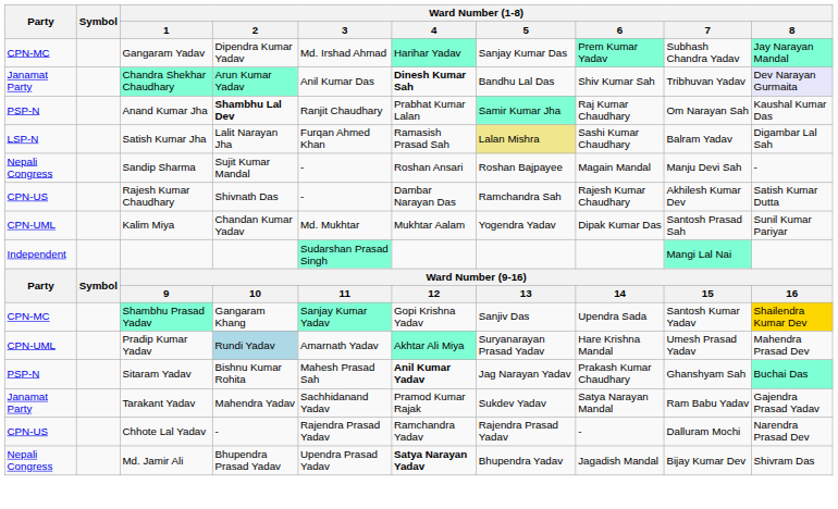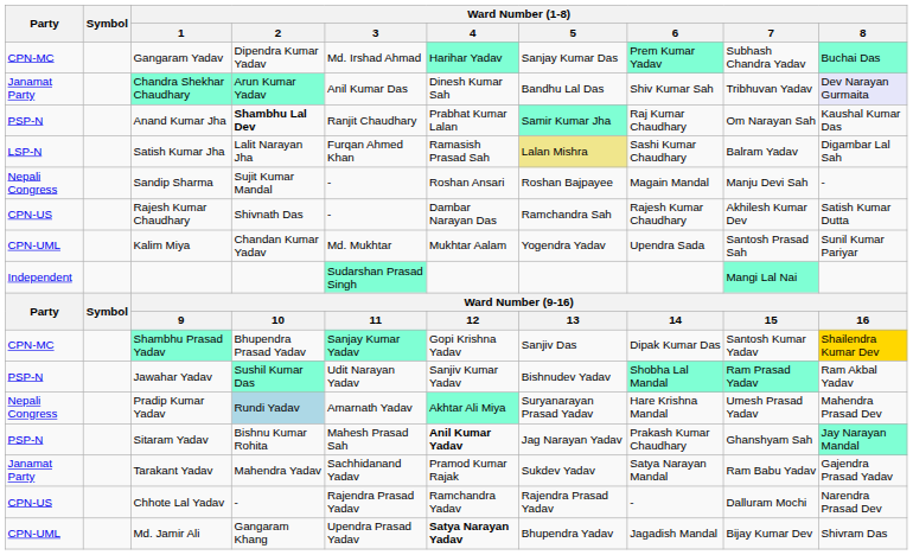 <table class="wikitable sortable">
 <tr>
 <th rowspan="2">Party</th>
 <th rowspan="2">Symbol</th>
 <th colspan="8">Ward Number (1-8)</th>
 </tr>
 <tr>
 <th>1</th>
 <th>2</th>
 <th>3</th>
 <th>4</th>
 <th>5</th>
 <th>6</th>
 <th>7</th>
 <th>8</th>
 </tr>
 <tr>
 <td style="background-color:"><a href='#'>CPN-MC</a></td>
 <td></td>
 <td>Gangaram Yadav</td>
 <td>Dipendra Kumar Yadav</td>
 <td>Md. Irshad Ahmad</td>
 <td bgcolor=#7FFFD4>Harihar Yadav</td>
 <td>Sanjay Kumar Das</td>
 <td bgcolor=#7FFFD4>Prem Kumar Yadav</td>
 <td>Subhash Chandra Yadav</td>
-<td bgcolor=#7FFFD4>Jay Narayan Mandal</td>
+<td bgcolor=#7FFFD4>Buchai Das</td>
 </tr>
 <tr>
 <td style="background-color:"><a href='#'>Janamat Party</a></td>
 <td></td>
 <td bgcolor=#7FFFD4>Chandra Shekhar Chaudhary</td>
 <td bgcolor=#7FFFD4>Arun Kumar Yadav</td>
 <td>Anil Kumar Das</td>
-<td><strong>Dinesh Kumar Sah</strong></td>
+<td>Dinesh Kumar Sah</td>
 <td>Bandhu Lal Das</td>
 <td>Shiv Kumar Sah</td>
 <td>Tribhuvan Yadav</td>
 <td style="background: lavender;">Dev Narayan Gurmaita</td>
 </tr>
 <tr>
 <td style="background-color:"><a href='#'>PSP-N</a></td>
 <td></td>
 <td>Anand Kumar Jha</td>
 <td><strong>Shambhu Lal Dev</strong></td>
 <td>Ranjit Chaudhary</td>
 <td>Prabhat Kumar Lalan</td>
 <td bgcolor=#7FFFD4>Samir Kumar Jha</td>
 <td>Raj Kumar Chaudhary</td>
 <td>Om Narayan Sah</td>
 <td>Kaushal Kumar Das</td>
 </tr>
 <tr>
 <td style="background-color:"><a href='#'>LSP-N</a></td>
 <td></td>
 <td>Satish Kumar Jha</td>
 <td>Lalit Narayan Jha</td>
 <td>Furqan Ahmed Khan</td>
 <td>Ramasish Prasad Sah</td>
 <td style="background: khaki;">Lalan Mishra</td>
 <td>Sashi Kumar Chaudhary</td>
 <td>Balram Yadav</td>
 <td>Digambar Lal Sah</td>
 </tr>
 <tr>
 <td style="background-color:"><a href='#'>Nepali Congress</a></td>
 <td></td>
 <td>Sandip Sharma</td>
 <td>Sujit Kumar Mandal</td>
 <td>-</td>
 <td>Roshan Ansari</td>
 <td>Roshan Bajpayee</td>
 <td>Magain Mandal</td>
 <td>Manju Devi Sah</td>
 <td>-</td>
 </tr>
 <tr>
 <td style="background-color:"><a href='#'>CPN-US</a></td>
 <td></td>
 <td>Rajesh Kumar Chaudhary</td>
 <td>Shivnath Das</td>
 <td>-</td>
 <td>Dambar Narayan Das</td>
 <td>Ramchandra Sah</td>
 <td>Rajesh Kumar Chaudhary</td>
 <td>Akhilesh Kumar Dev</td>
 <td>Satish Kumar Dutta</td>
 </tr>
 <tr>
 <td style="background-color:"><a href='#'>CPN-UML</a></td>
 <td></td>
 <td>Kalim Miya</td>
 <td>Chandan Kumar Yadav</td>
 <td>Md. Mukhtar</td>
 <td>Mukhtar Aalam</td>
 <td>Yogendra Yadav</td>
-<td>Dipak Kumar Das</td>
+<td>Upendra Sada</td>
 <td>Santosh Prasad Sah</td>
 <td>Sunil Kumar Pariyar</td>
 </tr>
 <tr>
 <td><a href='#'>Independent</a></td>
 <td></td>
 <td></td>
 <td></td>
 <td bgcolor=#7FFFD4>Sudarshan Prasad Singh</td>
 <td></td>
 <td></td>
 <td></td>
 <td bgcolor=#7FFFD4>Mangi Lal Nai</td>
 <td></td>
 </tr>
 <tr>
 <th rowspan="2">Party</th>
 <th rowspan="2">Symbol</th>
 <th colspan="8">Ward Number (9-16)</th>
 </tr>
 <tr>
 <th>9</th>
 <th>10</th>
 <th>11</th>
 <th>12</th>
 <th>13</th>
 <th>14</th>
 <th>15</th>
 <th>16</th>
 </tr>
 <tr>
 <td style="background-color:"><a href='#'>CPN-MC</a></td>
 <td></td>
 <td bgcolor=#7FFFD4>Shambhu Prasad Yadav</td>
-<td>Gangaram Khang</td>
+<td>Bhupendra Prasad Yadav</td>
 <td bgcolor=#7FFFD4>Sanjay Kumar Yadav</td>
 <td>Gopi Krishna Yadav</td>
 <td>Sanjiv Das</td>
-<td>Upendra Sada</td>
+<td>Dipak Kumar Das</td>
 <td>Santosh Kumar Yadav</td>
 <td style="background: gold;">Shailendra Kumar Dev</td>
 </tr>
 <tr>
-<td style="background-color:"><a href='#'>CPN-UML</a></td>
+<td style="background-color:"><a href='#'>PSP-N</a></td>
+<td></td>
+<td>Jawahar Yadav</td>
+<td bgcolor=#7FFFD4>Sushil Kumar Das</td>
+<td>Udit Narayan Yadav</td>
+<td>Sanjiv Kumar Yadav</td>
+<td>Bishnudev Yadav</td>
+<td bgcolor=#7FFFD4>Shobha Lal Mandal</td>
+<td bgcolor=#7FFFD4>Ram Prasad Yadav</td>
+<td>Ram Akbal Yadav</td>
+</tr>
+<tr>
+<td style="background-color:"><a href='#'>Nepali Congress</a></td>
 <td></td>
 <td>Pradip Kumar Yadav</td>
 <td style="background: lightblue;">Rundi Yadav</td>
 <td>Amarnath Yadav</td>
 <td bgcolor=#7FFFD4>Akhtar Ali Miya</td>
 <td>Suryanarayan Prasad Yadav</td>
 <td>Hare Krishna Mandal</td>
 <td>Umesh Prasad Yadav</td>
 <td>Mahendra Prasad Dev</td>
 </tr>
 <tr>
 <td style="background-color:"><a href='#'>PSP-N</a></td>
 <td></td>
 <td>Sitaram Yadav</td>
 <td>Bishnu Kumar Rohita</td>
 <td>Mahesh Prasad Sah</td>
 <td><strong>Anil Kumar Yadav</strong></td>
 <td>Jag Narayan Yadav</td>
 <td>Prakash Kumar Chaudhary</td>
 <td>Ghanshyam Sah</td>
-<td bgcolor=#7FFFD4>Buchai Das</td>
+<td bgcolor=#7FFFD4>Jay Narayan Mandal</td>
 </tr>
 <tr>
 <td style="background-color:"><a href='#'>Janamat Party</a></td>
 <td></td>
 <td>Tarakant Yadav</td>
 <td>Mahendra Yadav</td>
 <td>Sachhidanand Yadav</td>
 <td>Pramod Kumar Rajak</td>
 <td>Sukdev Yadav</td>
 <td>Satya Narayan Mandal</td>
 <td>Ram Babu Yadav</td>
 <td>Gajendra Prasad Yadav</td>
 </tr>
 <tr>
 <td style="background-color:"><a href='#'>CPN-US</a></td>
 <td></td>
 <td>Chhote Lal Yadav</td>
 <td>-</td>
 <td>Rajendra Prasad Yadav</td>
 <td>Ramchandra Yadav</td>
 <td>Rajendra Prasad Yadav</td>
 <td>-</td>
 <td>Dalluram Mochi</td>
 <td>Narendra Prasad Dev</td>
 </tr>
 <tr>
-<td style="background-color:"><a href='#'>Nepali Congress</a></td>
+<td style="background-color:"><a href='#'>CPN-UML</a></td>
 <td></td>
 <td>Md. Jamir Ali</td>
-<td>Bhupendra Prasad Yadav</td>
+<td>Gangaram Khang</td>
 <td>Upendra Prasad Yadav</td>
 <td><strong>Satya Narayan Yadav</strong></td>
 <td>Bhupendra Yadav</td>
 <td>Jagadish Mandal</td>
 <td>Bijay Kumar Dev</td>
 <td>Shivram Das</td>
 </tr>
 </table>
